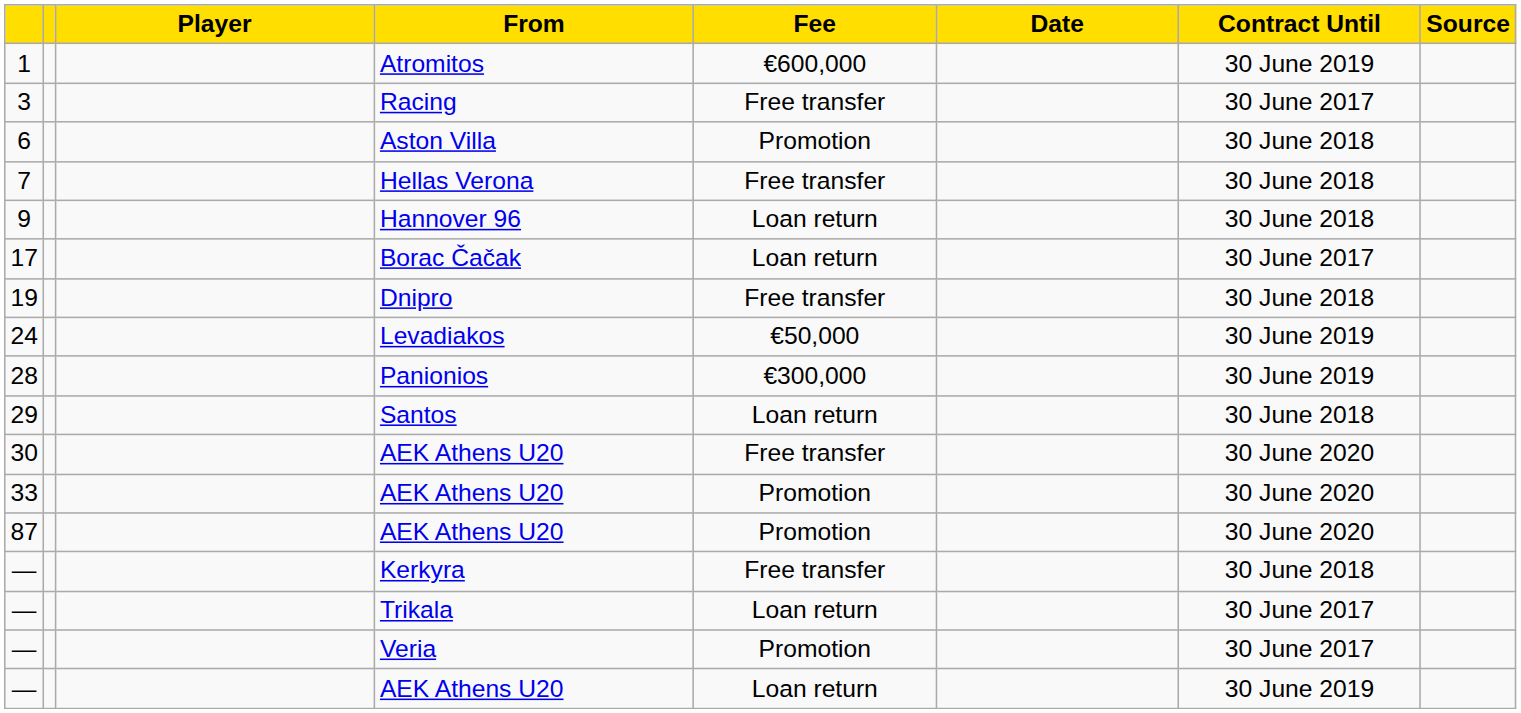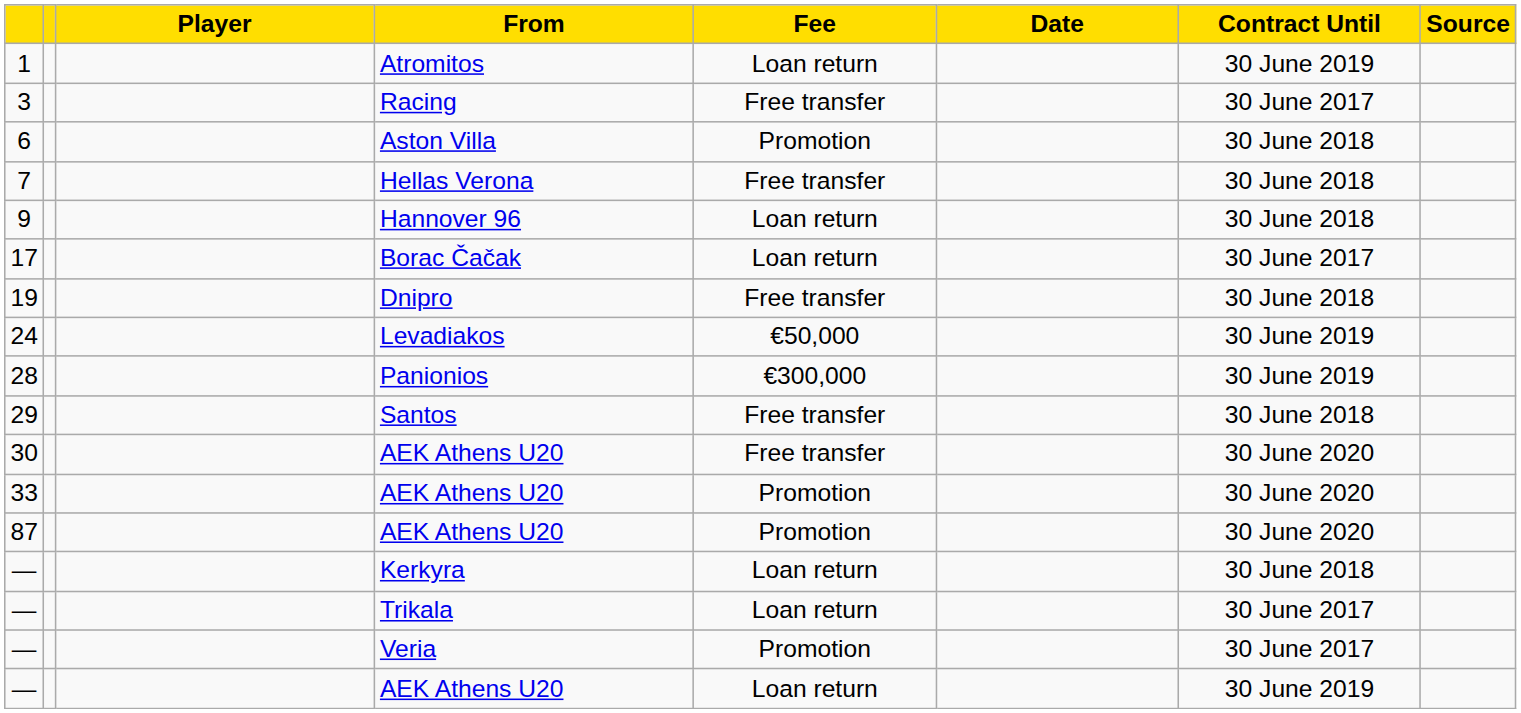 <table class="wikitable sortable">
 <tr>
 <th style="background:#FFDE00"></th>
 <th style="background:#FFDE00"></th>
 <th width=200 style="background:#FFDE00">Player</th>
 <th width=200 style="background:#FFDE00">From</th>
 <th width=150 style="background:#FFDE00">Fee</th>
 <th width=150 style="background:#FFDE00">Date</th>
 <th width=150 style="background:#FFDE00">Contract Until</th>
 <th style="background:#FFDE00">Source</th>
 </tr>
 <tr>
 <td align=center>1</td>
 <td align=center></td>
 <td></td>
 <td> <a href='#'>Atromitos</a></td>
-<td align=center>€600,000</td>
+<td align=center>Loan return</td>
 <td align=center></td>
 <td align=center>30 June 2019</td>
 <td align=center></td>
 </tr>
 <tr>
 <td align=center>3</td>
 <td align=center></td>
 <td></td>
 <td> <a href='#'>Racing</a></td>
 <td align=center>Free transfer</td>
 <td align=center></td>
 <td align=center>30 June 2017</td>
 <td align=center></td>
 </tr>
 <tr>
 <td align=center>6</td>
 <td align=center></td>
 <td></td>
 <td> <a href='#'>Aston Villa</a></td>
 <td align=center>Promotion</td>
 <td align=center></td>
 <td align=center>30 June 2018</td>
 <td align=center></td>
 </tr>
 <tr>
 <td align=center>7</td>
 <td align=center></td>
 <td></td>
 <td> <a href='#'>Hellas Verona</a></td>
 <td align=center>Free transfer</td>
 <td align=center></td>
 <td align=center>30 June 2018</td>
 <td align=center></td>
 </tr>
 <tr>
 <td align=center>9</td>
 <td align=center></td>
 <td></td>
 <td> <a href='#'>Hannover 96</a></td>
 <td align=center>Loan return</td>
 <td align=center></td>
 <td align=center>30 June 2018</td>
 <td align=center></td>
 </tr>
 <tr>
 <td align=center>17</td>
 <td align=center></td>
 <td></td>
 <td> <a href='#'>Borac Čačak</a></td>
 <td align=center>Loan return</td>
 <td align=center></td>
 <td align=center>30 June 2017</td>
 <td align=center></td>
 </tr>
 <tr>
 <td align=center>19</td>
 <td align=center></td>
 <td></td>
 <td> <a href='#'>Dnipro</a></td>
 <td align=center>Free transfer</td>
 <td align=center></td>
 <td align=center>30 June 2018</td>
 <td align=center></td>
 </tr>
 <tr>
 <td align=center>24</td>
 <td align=center></td>
 <td></td>
 <td> <a href='#'>Levadiakos</a></td>
 <td align=center>€50,000</td>
 <td align=center></td>
 <td align=center>30 June 2019</td>
 <td align=center></td>
 </tr>
 <tr>
 <td align=center>28</td>
 <td align=center></td>
 <td></td>
 <td> <a href='#'>Panionios</a></td>
 <td align=center>€300,000</td>
 <td align=center></td>
 <td align=center>30 June 2019</td>
 <td align=center></td>
 </tr>
 <tr>
 <td align=center>29</td>
 <td align=center></td>
 <td></td>
 <td> <a href='#'>Santos</a></td>
-<td align=center>Loan return</td>
+<td align=center>Free transfer</td>
 <td align=center></td>
 <td align=center>30 June 2018</td>
 <td align=center></td>
 </tr>
 <tr>
 <td align=center>30</td>
 <td align=center></td>
 <td></td>
 <td> <a href='#'>AEK Athens U20</a></td>
 <td align=center>Free transfer</td>
 <td align=center></td>
 <td align=center>30 June 2020</td>
 <td align=center></td>
 </tr>
 <tr>
 <td align=center>33</td>
 <td align=center></td>
 <td></td>
 <td> <a href='#'>AEK Athens U20</a></td>
 <td align=center>Promotion</td>
 <td align=center></td>
 <td align=center>30 June 2020</td>
 <td align=center></td>
 </tr>
 <tr>
 <td align=center>87</td>
 <td align=center></td>
 <td></td>
 <td> <a href='#'>AEK Athens U20</a></td>
 <td align=center>Promotion</td>
 <td align=center></td>
 <td align=center>30 June 2020</td>
 <td align=center></td>
 </tr>
 <tr>
 <td align=center>—</td>
 <td align=center></td>
 <td></td>
 <td> <a href='#'>Kerkyra</a></td>
-<td align=center>Free transfer</td>
+<td align=center>Loan return</td>
 <td align=center></td>
 <td align=center>30 June 2018</td>
 <td align=center></td>
 </tr>
 <tr>
 <td align=center>—</td>
 <td align=center></td>
 <td></td>
 <td> <a href='#'>Trikala</a></td>
 <td align=center>Loan return</td>
 <td align=center></td>
 <td align=center>30 June 2017</td>
 <td align=center></td>
 </tr>
 <tr>
 <td align=center>—</td>
 <td align=center></td>
 <td></td>
 <td> <a href='#'>Veria</a></td>
 <td align=center>Promotion</td>
 <td align=center></td>
 <td align=center>30 June 2017</td>
 <td align=center></td>
 </tr>
 <tr>
 <td align=center>—</td>
 <td align=center></td>
 <td></td>
 <td> <a href='#'>AEK Athens U20</a></td>
 <td align=center>Loan return</td>
 <td align=center></td>
 <td align=center>30 June 2019</td>
 <td align=center></td>
 </tr>
 </table>
